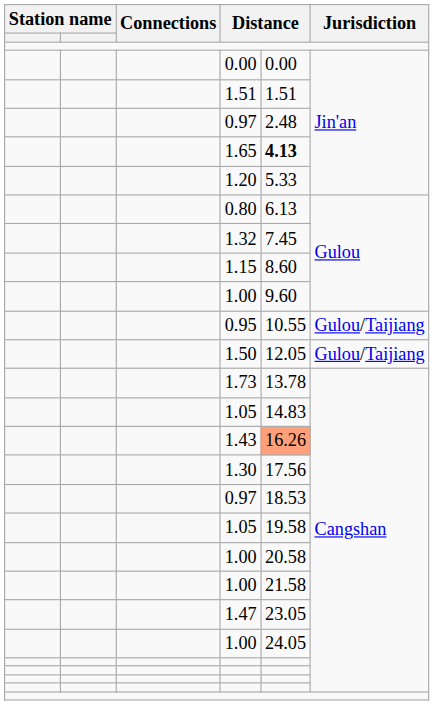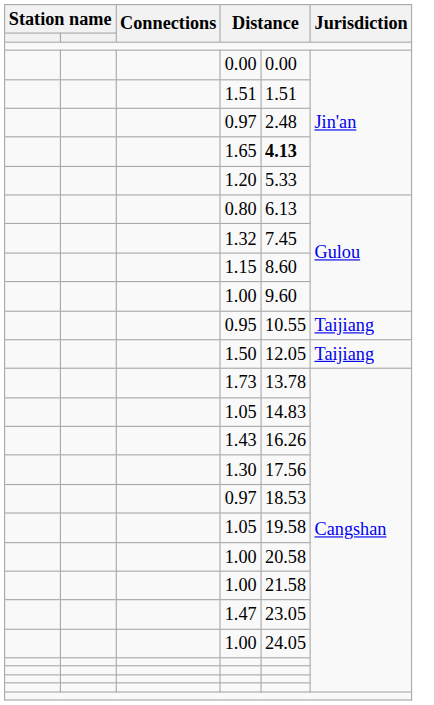 <table class="wikitable">
 <tr>
 <th colspan="2">Station name</th>
 <th rowspan="2">Connections</th>
 <th colspan="2" rowspan="2">Distance<br></th>
 <th rowspan="2">Jurisdiction</th>
 </tr>
 <tr>
 <th></th>
 <th></th>
 </tr>
 <tr style="background:#">
 <td colspan="6"></td>
 </tr>
 <tr>
 <td></td>
 <td></td>
 <td></td>
 <td>0.00</td>
 <td>0.00</td>
 <td rowspan="5"><a href='#'>Jin'an</a></td>
 </tr>
 <tr>
 <td></td>
 <td></td>
 <td></td>
 <td>1.51</td>
 <td>1.51</td>
 </tr>
 <tr>
 <td></td>
 <td></td>
 <td></td>
 <td>0.97</td>
 <td>2.48</td>
 </tr>
 <tr>
 <td></td>
 <td></td>
 <td> </td>
 <td>1.65</td>
 <td><strong>4.13</strong></td>
 </tr>
 <tr>
 <td></td>
 <td></td>
 <td></td>
 <td>1.20</td>
 <td>5.33</td>
 </tr>
 <tr>
 <td></td>
 <td></td>
 <td></td>
 <td>0.80</td>
 <td>6.13</td>
 <td rowspan="4"><a href='#'>Gulou</a></td>
 </tr>
 <tr>
 <td></td>
 <td></td>
 <td></td>
 <td>1.32</td>
 <td>7.45</td>
 </tr>
 <tr>
 <td></td>
 <td></td>
 <td></td>
 <td>1.15</td>
 <td>8.60</td>
 </tr>
 <tr>
 <td></td>
 <td></td>
 <td></td>
 <td>1.00</td>
 <td>9.60</td>
 </tr>
 <tr>
 <td></td>
 <td></td>
 <td></td>
 <td>0.95</td>
 <td>10.55</td>
-<td><a href='#'>Gulou</a>/<a href='#'>Taijiang</a></td>
+<td><a href='#'>Taijiang</a></td>
 </tr>
 <tr>
 <td></td>
 <td></td>
 <td></td>
 <td>1.50</td>
 <td>12.05</td>
-<td><a href='#'>Gulou</a>/<a href='#'>Taijiang</a></td>
+<td><a href='#'>Taijiang</a></td>
 </tr>
 <tr>
 <td></td>
 <td></td>
 <td></td>
 <td>1.73</td>
 <td>13.78</td>
 <td rowspan="14"><a href='#'>Cangshan</a></td>
 </tr>
 <tr>
 <td></td>
 <td></td>
 <td></td>
 <td>1.05</td>
 <td>14.83</td>
 </tr>
 <tr>
 <td></td>
 <td></td>
 <td></td>
 <td>1.43</td>
-<td style="background: lightsalmon;">16.26</td>
+<td>16.26</td>
 </tr>
 <tr>
 <td></td>
 <td></td>
 <td></td>
 <td>1.30</td>
 <td>17.56</td>
 </tr>
 <tr>
 <td></td>
 <td></td>
 <td></td>
 <td>0.97</td>
 <td>18.53</td>
 </tr>
 <tr>
 <td></td>
 <td></td>
 <td></td>
 <td>1.05</td>
 <td>19.58</td>
 </tr>
 <tr>
 <td></td>
 <td></td>
 <td></td>
 <td>1.00</td>
 <td>20.58</td>
 </tr>
 <tr>
 <td></td>
 <td></td>
 <td></td>
 <td>1.00</td>
 <td>21.58</td>
 </tr>
 <tr>
 <td></td>
 <td></td>
 <td></td>
 <td>1.47</td>
 <td>23.05</td>
 </tr>
 <tr>
 <td></td>
 <td></td>
 <td> </td>
 <td>1.00</td>
 <td>24.05</td>
 </tr>
 <tr>
 <td></td>
 <td></td>
 <td></td>
 <td></td>
 <td></td>
 </tr>
 <tr>
 <td></td>
 <td></td>
 <td></td>
 <td></td>
 <td></td>
 </tr>
 <tr>
 <td></td>
 <td></td>
 <td></td>
 <td></td>
 <td></td>
 </tr>
 <tr>
 <td></td>
 <td></td>
 <td></td>
 <td></td>
 </tr>
 <tr style="background:#">
 <td colspan="6"></td>
 </tr>
 </table>
